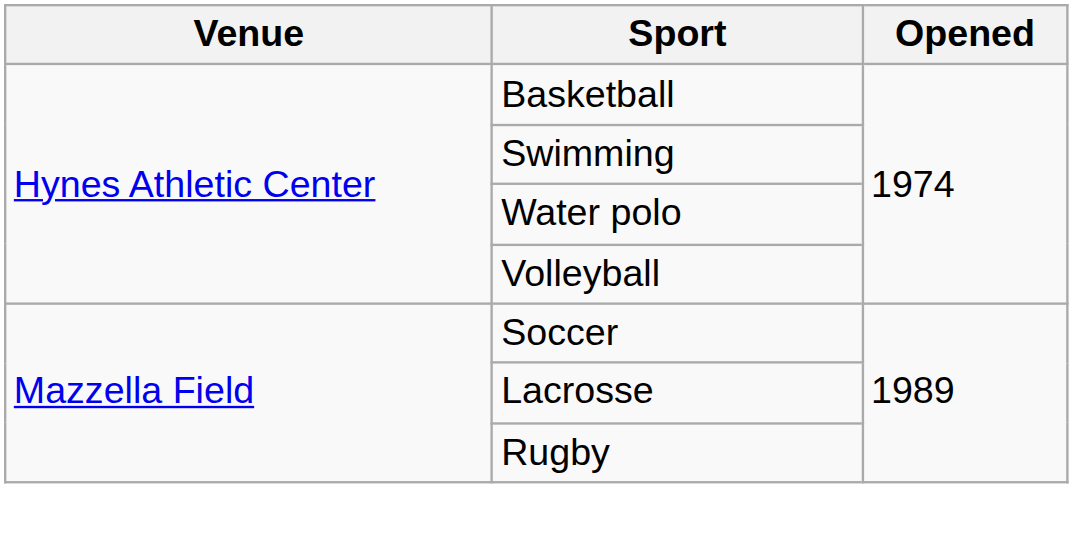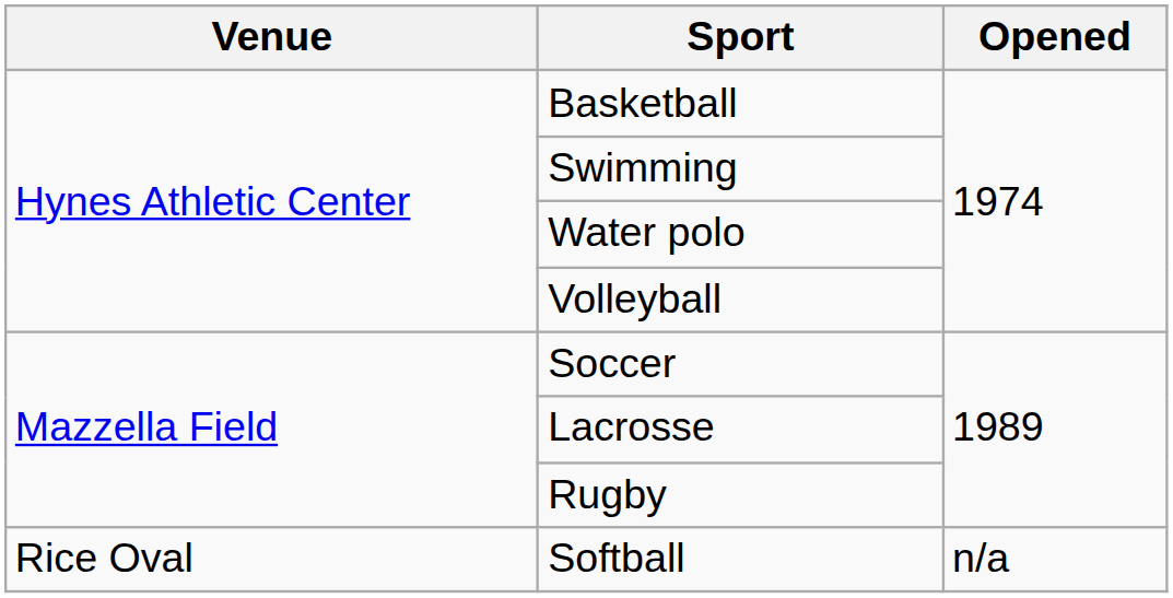 <table class="wikitable"; style= "text-align: ">
 <tr>
 <th width=200px>Venue</th>
 <th width=150px>Sport</th>
 <th width=80px>Opened</th>
 </tr>
 <tr>
 <td rowspan=4><a href='#'>Hynes Athletic Center</a></td>
 <td>Basketball</td>
 <td rowspan=4>1974</td>
 </tr>
 <tr>
 <td>Swimming</td>
 </tr>
 <tr>
 <td>Water polo</td>
 </tr>
 <tr>
 <td>Volleyball</td>
 </tr>
 <tr>
 <td rowspan=3><a href='#'>Mazzella Field</a></td>
 <td>Soccer</td>
 <td rowspan=3>1989</td>
 </tr>
 <tr>
 <td>Lacrosse</td>
 </tr>
 <tr>
 <td>Rugby</td>
 </tr>
+<tr>
+<td>Rice Oval</td>
+<td>Softball</td>
+<td>n/a</td>
+</tr>
 </table>
